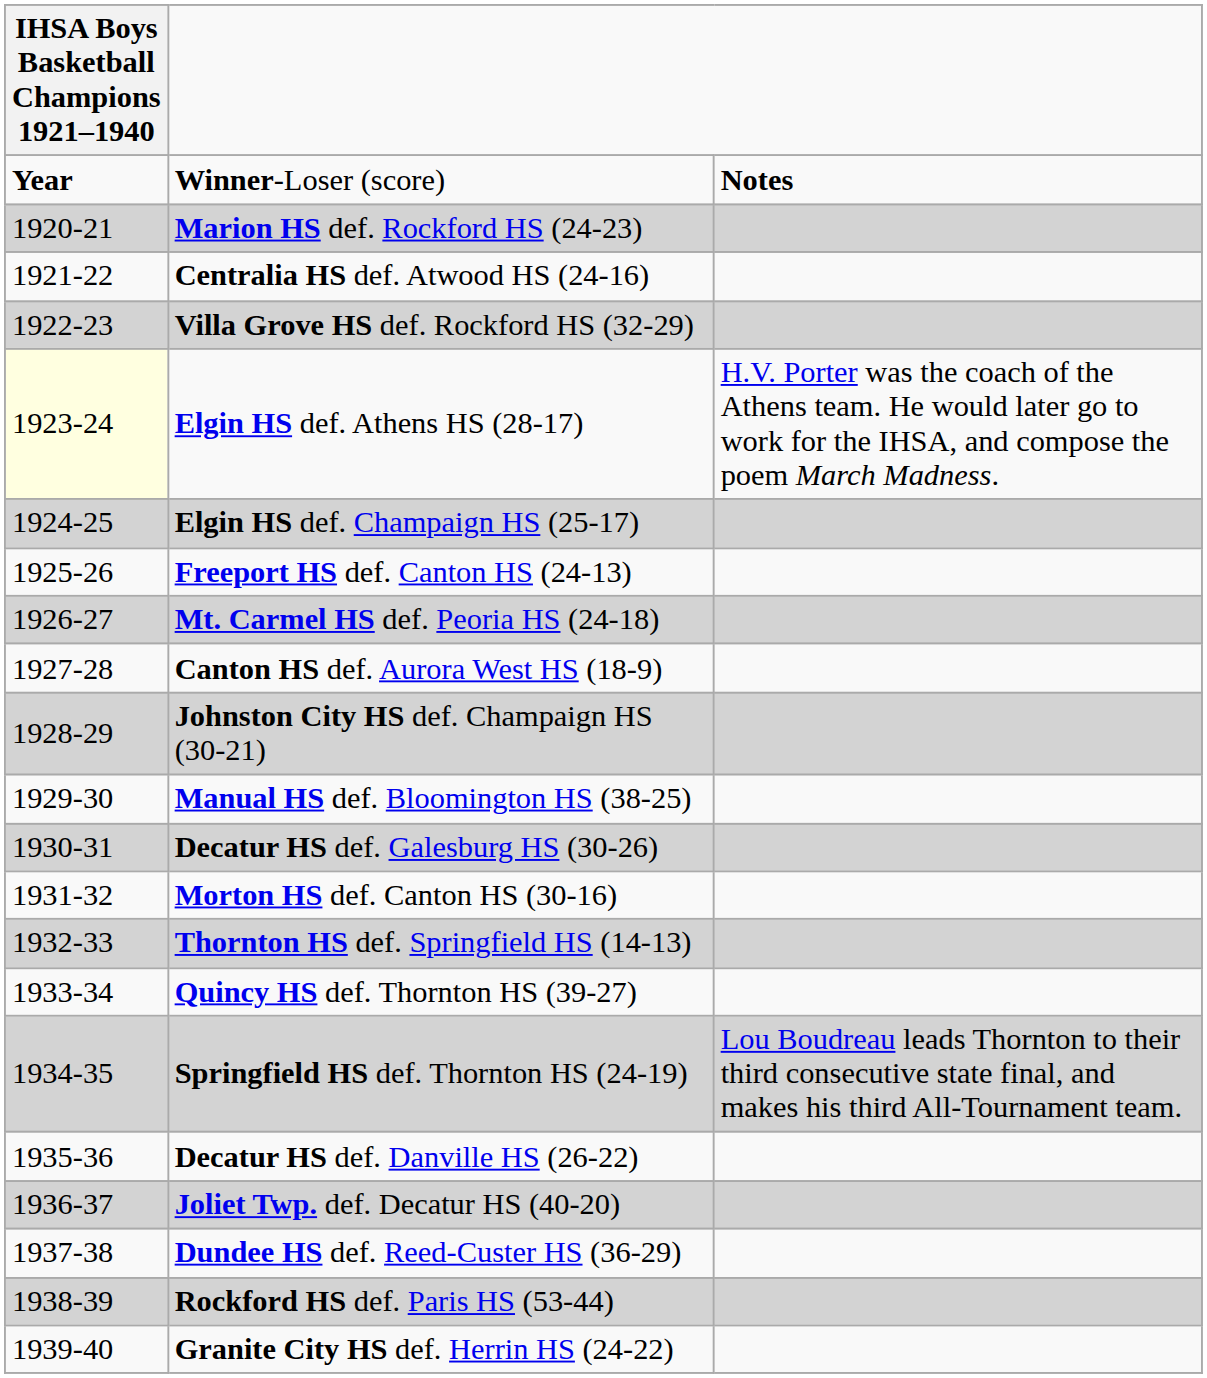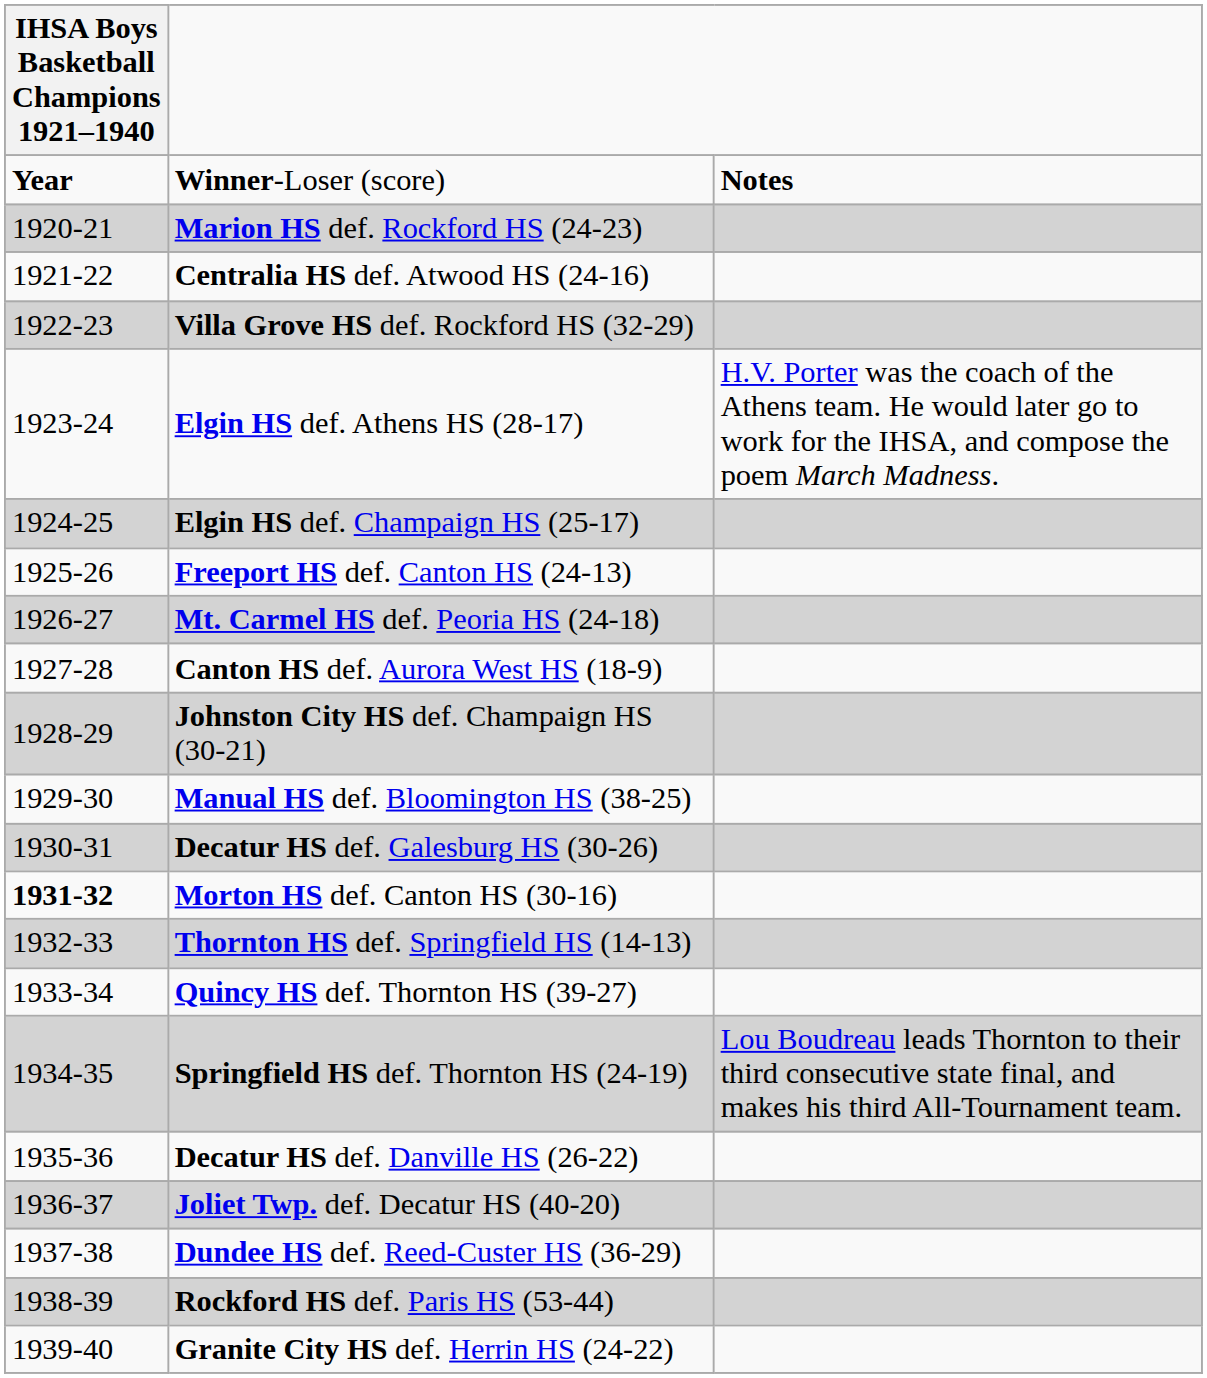 <table class="wikitable collapsible collapsed">
 <tr>
 <th>IHSA Boys Basketball Champions 1921–1940</th>
 </tr>
 <tr>
 <td width="40"><strong>Year</strong></td>
 <td width="280"><strong>Winner</strong>-Loser (score)</td>
 <td width="250"><strong>Notes</strong></td>
 </tr>
 <tr style="background: #D3D3D3;">
 <td>1920-21</td>
 <td><strong><a href='#'>Marion HS</a></strong> def. <a href='#'>Rockford HS</a> (24-23)</td>
 <td></td>
 </tr>
 <tr>
 <td>1921-22</td>
 <td><strong>Centralia HS</strong> def. Atwood HS (24-16)</td>
 <td></td>
 </tr>
 <tr style="background: #D3D3D3;">
 <td>1922-23</td>
 <td><strong>Villa Grove HS</strong> def. Rockford HS (32-29)</td>
 <td></td>
 </tr>
 <tr>
-<td style="background: lightyellow;">1923-24</td>
+<td>1923-24</td>
 <td><strong><a href='#'>Elgin HS</a></strong> def. Athens HS (28-17)</td>
 <td><a href='#'>H.V. Porter</a> was the coach of the Athens team.  He would later go to work for the IHSA, and compose the poem <em>March Madness</em>.</td>
 </tr>
 <tr style="background: #D3D3D3;">
 <td>1924-25</td>
 <td><strong>Elgin HS</strong> def. <a href='#'>Champaign HS</a> (25-17)</td>
 <td></td>
 </tr>
 <tr>
 <td>1925-26</td>
 <td><strong><a href='#'>Freeport HS</a></strong> def. <a href='#'>Canton HS</a> (24-13)</td>
 <td></td>
 </tr>
 <tr style="background: #D3D3D3;">
 <td>1926-27</td>
 <td><strong><a href='#'>Mt. Carmel HS</a></strong> def. <a href='#'>Peoria HS</a> (24-18)</td>
 <td></td>
 </tr>
 <tr>
 <td>1927-28</td>
 <td><strong>Canton HS</strong> def. <a href='#'>Aurora West HS</a> (18-9)</td>
 <td></td>
 </tr>
 <tr style="background: #D3D3D3;">
 <td>1928-29</td>
 <td><strong>Johnston City HS</strong> def. Champaign HS (30-21)</td>
 <td></td>
 </tr>
 <tr>
 <td>1929-30</td>
 <td><strong><a href='#'>Manual HS</a></strong> def. <a href='#'>Bloomington HS</a> (38-25)</td>
 <td></td>
 </tr>
 <tr style="background: #D3D3D3;">
 <td>1930-31</td>
 <td><strong>Decatur HS</strong> def. <a href='#'>Galesburg HS</a> (30-26)</td>
 <td></td>
 </tr>
 <tr>
-<td>1931-32</td>
+<td><strong>1931-32</strong></td>
 <td><strong><a href='#'>Morton HS</a></strong> def. Canton HS (30-16)</td>
 <td></td>
 </tr>
 <tr style="background: #D3D3D3;">
 <td>1932-33</td>
 <td><strong><a href='#'>Thornton HS</a></strong> def. <a href='#'>Springfield HS</a> (14-13)</td>
 <td></td>
 </tr>
 <tr>
 <td>1933-34</td>
 <td><strong><a href='#'>Quincy HS</a></strong> def. Thornton HS (39-27)</td>
 <td></td>
 </tr>
 <tr style="background: #D3D3D3;">
 <td>1934-35</td>
 <td><strong>Springfield HS</strong> def. Thornton HS (24-19)</td>
 <td><a href='#'>Lou Boudreau</a> leads Thornton to their third consecutive state final, and makes his third All-Tournament team.</td>
 </tr>
 <tr>
 <td>1935-36</td>
 <td><strong>Decatur HS</strong> def. <a href='#'>Danville HS</a> (26-22)</td>
 <td></td>
 </tr>
 <tr style="background: #D3D3D3;">
 <td>1936-37</td>
 <td><strong><a href='#'>Joliet Twp.</a></strong> def. Decatur HS (40-20)</td>
 <td></td>
 </tr>
 <tr>
 <td>1937-38</td>
 <td><strong><a href='#'>Dundee HS</a></strong> def. <a href='#'>Reed-Custer HS</a> (36-29)</td>
 <td></td>
 </tr>
 <tr style="background: #D3D3D3;">
 <td>1938-39</td>
 <td><strong>Rockford HS</strong> def. <a href='#'>Paris HS</a> (53-44)</td>
 <td></td>
 </tr>
 <tr>
 <td>1939-40</td>
 <td><strong>Granite City HS</strong> def. <a href='#'>Herrin HS</a> (24-22)</td>
 <td></td>
 </tr>
 </table>
